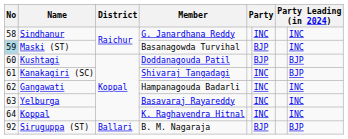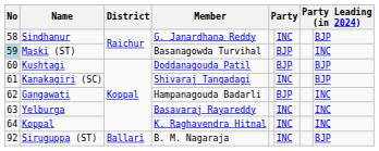 <table class="wikitable">
 <tr>
 <th>No</th>
 <th>Name</th>
 <th>District</th>
 <th>Member</th>
 <th colspan="2">Party</th>
 <th colspan="2">Party Leading<br>(in <a href='#'>2024</a>)</th>
 </tr>
 <tr>
 <td>58</td>
 <td><a href='#'>Sindhanur</a></td>
 <td rowspan="2"><a href='#'>Raichur</a></td>
 <td><a href='#'>G. Janardhana Reddy</a></td>
 <td style="background-color:"></td>
 <td><a href='#'>INC</a></td>
 <td style="background-color: "></td>
-<td><a href='#'>INC</a></td>
+<td><a href='#'>BJP</a></td>
 </tr>
 <tr>
 <td style="background: lightblue;">59</td>
 <td><a href='#'>Maski</a> (ST)</td>
 <td>Basanagowda Turvihal</td>
 <td style="background-color:"></td>
 <td><a href='#'>BJP</a></td>
 <td style="background-color: "></td>
 <td><a href='#'>INC</a></td>
 </tr>
 <tr>
 <td>60</td>
 <td><a href='#'>Kushtagi</a></td>
 <td rowspan="5"><a href='#'>Koppal</a></td>
 <td><a href='#'>Doddanagouda Patil</a></td>
 <td style="background-color:"></td>
 <td><a href='#'>BJP</a></td>
 <td style="background-color: "></td>
 <td><a href='#'>BJP</a></td>
 </tr>
 <tr>
 <td>61</td>
 <td><a href='#'>Kanakagiri</a> (SC)</td>
 <td><a href='#'>Shivaraj Tangadagi</a></td>
 <td style="background-color:"></td>
 <td><a href='#'>INC</a></td>
 <td style="background-color: "></td>
 <td><a href='#'>BJP</a></td>
 </tr>
 <tr>
 <td>62</td>
 <td><a href='#'>Gangawati</a></td>
 <td>Hampanagouda Badarli</td>
 <td style="background-color:"></td>
-<td><a href='#'>INC</a></td>
+<td><a href='#'>BJP</a></td>
 <td style="background-color: "></td>
 <td><a href='#'>INC</a></td>
 </tr>
 <tr>
 <td>63</td>
 <td><a href='#'>Yelburga</a></td>
 <td><a href='#'>Basavaraj Rayareddy</a></td>
 <td style="background-color:"></td>
 <td><a href='#'>INC</a></td>
 <td style="background-color:"></td>
 <td><a href='#'>INC</a></td>
 </tr>
 <tr>
 <td>64</td>
 <td><a href='#'>Koppal</a></td>
 <td><a href='#'>K. Raghavendra Hitnal</a></td>
 <td style="background-color:"></td>
 <td><a href='#'>INC</a></td>
 <td style="background-color: "></td>
 <td><a href='#'>INC</a></td>
 </tr>
 <tr>
 <td>92</td>
 <td><a href='#'>Siruguppa</a> (ST)</td>
 <td><a href='#'>Ballari</a></td>
 <td>B. M. Nagaraja</td>
 <td style="background-color:"></td>
-<td><a href='#'>BJP</a></td>
+<td><a href='#'>INC</a></td>
 <td style="background-color: "></td>
 <td><a href='#'>BJP</a></td>
 </tr>
 </table>
